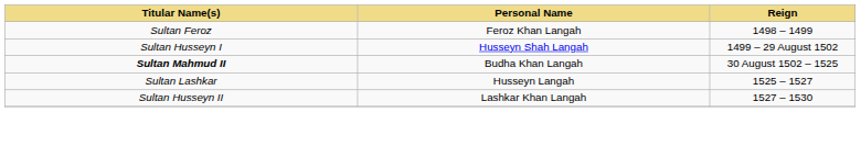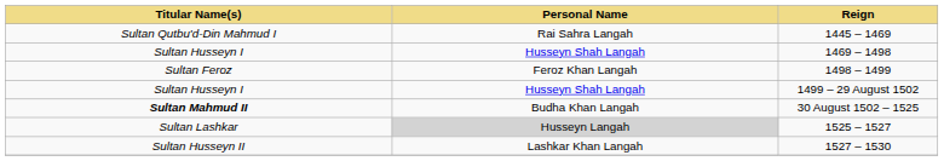 <table style="width:100%;" class="wikitable">
 <tr>
 <th style="background:#f0dc88; width:17%;">Titular Name(s)</th>
 <th style="background:#f0dc88; width:17%;">Personal Name</th>
 <th style="background:#f0dc88; width:7%;">Reign</th>
+</tr>
+<tr>
+<td style="text-align:center;"><em>Sultan Qutbu'd-Din Mahmud I</em><br><small></small></td>
+<td style="text-align:center;">Rai Sahra Langah<br><small></small></td>
+<td style="text-align:center;">1445 – 1469</td>
+</tr>
+<tr>
+<td style="text-align:center;"><em>Sultan Husseyn I</em><br><small></small></td>
+<td style="text-align:center;"><a href='#'>Husseyn Shah Langah</a><br><small></small></td>
+<td style="text-align:center;">1469 – 1498</td>
 </tr>
 <tr>
 <td style="text-align:center;"><em>Sultan Feroz</em><br><small></small></td>
 <td style="text-align:center;">Feroz Khan Langah<br><small></small></td>
 <td style="text-align:center;">1498 – 1499</td>
 </tr>
 <tr>
 <td style="text-align:center;"><em>Sultan Husseyn I</em><br><small></small></td>
 <td style="text-align:center;"><a href='#'>Husseyn Shah Langah</a><br><small></small></td>
 <td style="text-align:center;">1499 – 29 August 1502</td>
 </tr>
 <tr>
 <td style="text-align:center;"><strong><em>Sultan Mahmud II</em><br><small></small></strong></td>
 <td style="text-align:center;">Budha Khan Langah<br><small></small></td>
 <td style="text-align:center;">30 August 1502 – 1525</td>
 </tr>
 <tr>
 <td style="text-align:center;"><em>Sultan Lashkar</em><br><small></small></td>
-<td style="text-align:center;">Husseyn Langah <br><small></small></td>
+<td style="background: lightgrey; text-align:center;">Husseyn Langah <br><small></small></td>
 <td style="text-align:center;">1525 – 1527</td>
 </tr>
 <tr>
 <td style="text-align:center;"><em>Sultan Husseyn II</em><br><small></small></td>
 <td style="text-align:center;">Lashkar Khan Langah<br><small></small></td>
 <td style="text-align:center;">1527 – 1530</td>
 </tr>
 <tr>
 </tr>
 </table>
